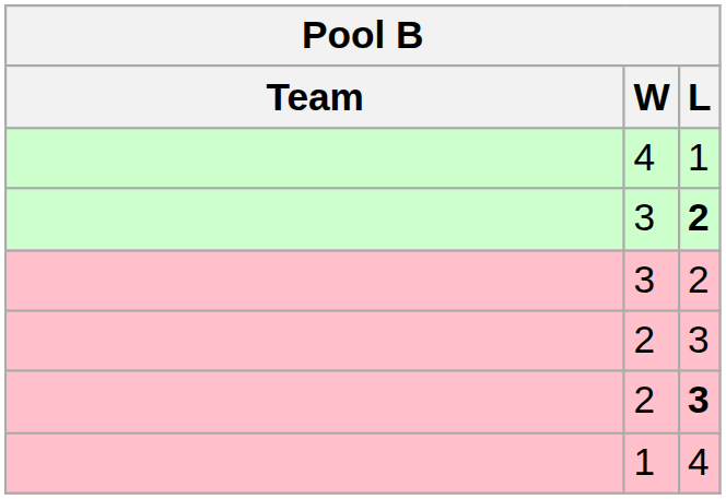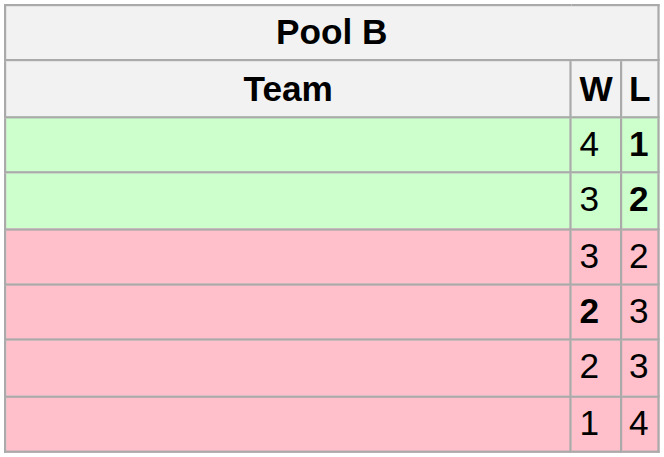 <table class="wikitable">
 <tr>
 <th colspan="3">Pool B</th>
 </tr>
 <tr>
 <th width="250">Team</th>
 <th>W</th>
 <th>L</th>
 </tr>
 <tr style="background:#ccffcc">
 <td></td>
 <td>4</td>
-<td>1</td>
+<td><strong>1</strong></td>
 </tr>
 <tr style="background:#ccffcc">
 <td></td>
 <td>3</td>
 <td><strong>2</strong></td>
 </tr>
 <tr style="background:PINK">
 <td></td>
 <td>3</td>
 <td>2</td>
 </tr>
 <tr style="background:PINK">
 <td></td>
-<td>2</td>
+<td><strong>2</strong></td>
 <td>3</td>
 </tr>
 <tr style="background:PINK">
 <td></td>
 <td>2</td>
-<td><strong>3</strong></td>
+<td>3</td>
 </tr>
 <tr style="background:PINK">
 <td></td>
 <td>1</td>
 <td>4</td>
 </tr>
 </table>
